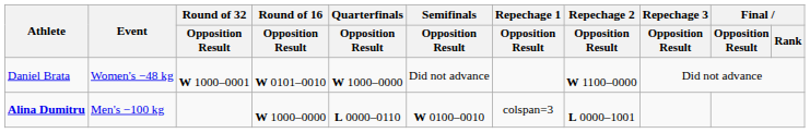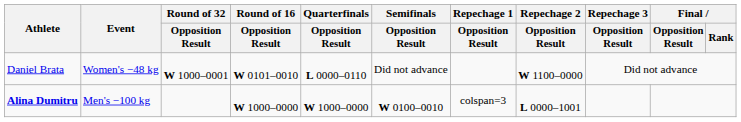 <table class="wikitable" style="font-size:90%">
 <tr>
 <th rowspan="2">Athlete</th>
 <th rowspan="2">Event</th>
 <th>Round of 32</th>
 <th>Round of 16</th>
 <th>Quarterfinals</th>
 <th>Semifinals</th>
 <th>Repechage 1</th>
 <th>Repechage 2</th>
 <th>Repechage 3</th>
 <th colspan=2>Final / </th>
 </tr>
 <tr style="font-size:95%">
 <th>Opposition<br>Result</th>
 <th>Opposition<br>Result</th>
 <th>Opposition<br>Result</th>
 <th>Opposition<br>Result</th>
 <th>Opposition<br>Result</th>
 <th>Opposition<br>Result</th>
 <th>Opposition<br>Result</th>
 <th>Opposition<br>Result</th>
 <th>Rank</th>
 </tr>
 <tr align=center>
 <td align=left><a href='#'>Daniel Brata</a></td>
 <td><a href='#'>Women's −48 kg</a></td>
 <td><br><strong>W</strong> 1000–0001</td>
 <td><br><strong>W</strong> 0101–0010</td>
-<td><br><strong>W</strong> 1000–0000</td>
+<td> <br><strong>L</strong> 0000–0110</td>
 <td>Did not advance</td>
 <td></td>
 <td><br><strong>W</strong> 1100–0000</td>
 <td colspan=3>Did not advance</td>
 </tr>
 <tr align=center>
 <td align=left><strong><a href='#'>Alina Dumitru</a></strong></td>
 <td align=left><a href='#'>Men's −100 kg</a></td>
 <td></td>
 <td> <br><strong>W</strong> 1000–0000</td>
-<td> <br><strong>L</strong> 0000–0110</td>
+<td><br><strong>W</strong> 1000–0000</td>
 <td> <br><strong>W</strong> 0100–0010</td>
 <td>colspan=3 </td>
 <td><br><strong>L</strong> 0000–1001</td>
 <td></td>
 </tr>
 </table>
